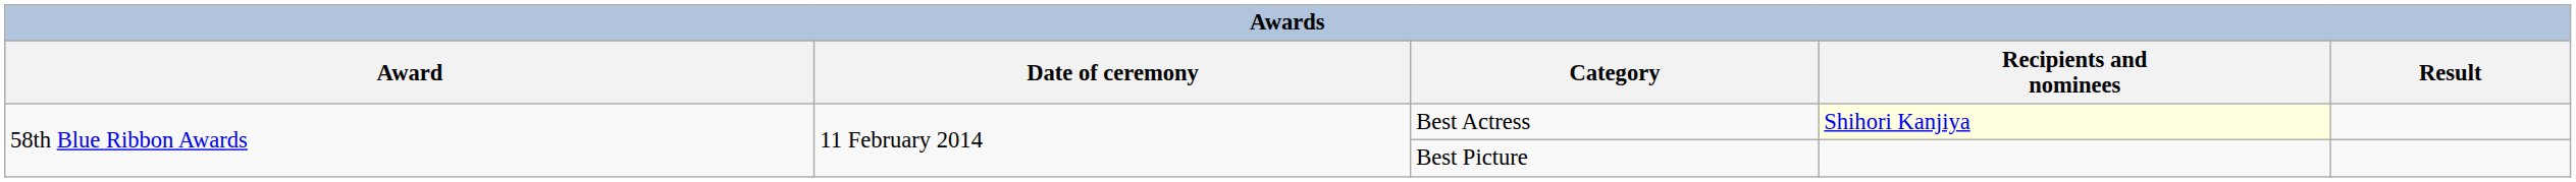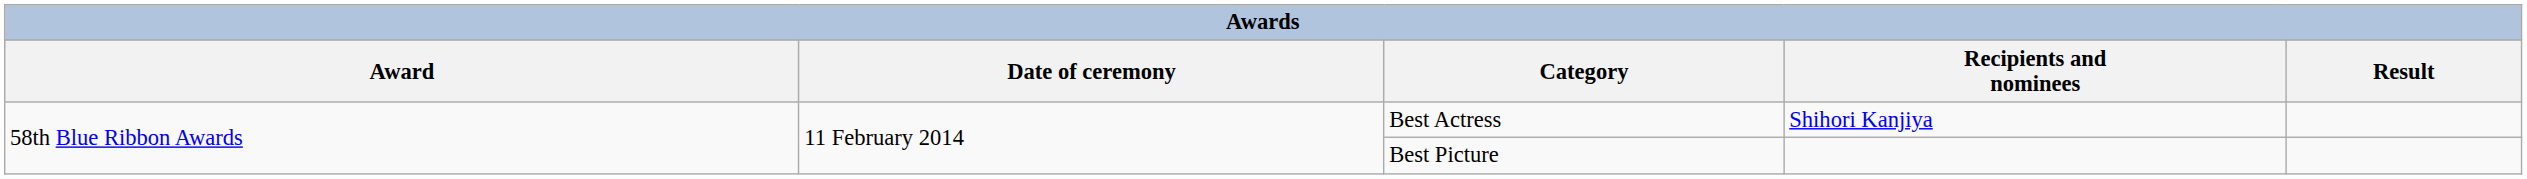 <table class="wikitable sortable" width="90%">
 <tr style="background:#ccc; text-align:center;">
 <th colspan="5" style="background: LightSteelBlue;">Awards</th>
 </tr>
 <tr style="background:#ccc; text-align:center;">
 <th>Award</th>
 <th>Date of ceremony</th>
 <th>Category</th>
 <th>Recipients and <br>nominees</th>
 <th>Result</th>
 </tr>
 <tr>
 <td rowspan="4">58th <a href='#'>Blue Ribbon Awards</a></td>
 <td rowspan="4">11 February 2014</td>
 <td>Best Actress</td>
-<td style="background: lightyellow;"><a href='#'>Shihori Kanjiya</a></td>
+<td><a href='#'>Shihori Kanjiya</a></td>
 <td></td>
 </tr>
 <tr>
 <td>Best Picture</td>
 <td></td>
 <td></td>
 </tr>
 </table>
